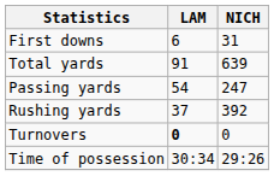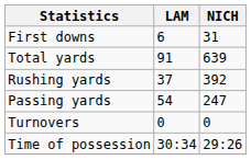 <table class="wikitable">
 <tr>
 <th>Statistics</th>
 <th>LAM</th>
 <th>NICH</th>
 </tr>
 <tr>
 <td>First downs</td>
 <td>6</td>
 <td>31</td>
 </tr>
 <tr>
 <td>Total yards</td>
 <td>91</td>
 <td>639</td>
 </tr>
 <tr>
+<td>Rushing yards</td>
+<td>37</td>
+<td>392</td>
+</tr>
+<tr>
 <td>Passing yards</td>
 <td>54</td>
 <td>247</td>
 </tr>
 <tr>
-<td>Rushing yards</td>
-<td>37</td>
-<td>392</td>
-</tr>
-<tr>
 <td>Turnovers</td>
-<td><strong>0</strong></td>
+<td>0</td>
 <td>0</td>
 </tr>
 <tr>
 <td>Time of possession</td>
 <td>30:34</td>
 <td>29:26</td>
 </tr>
 <tr>
 </tr>
 </table>
